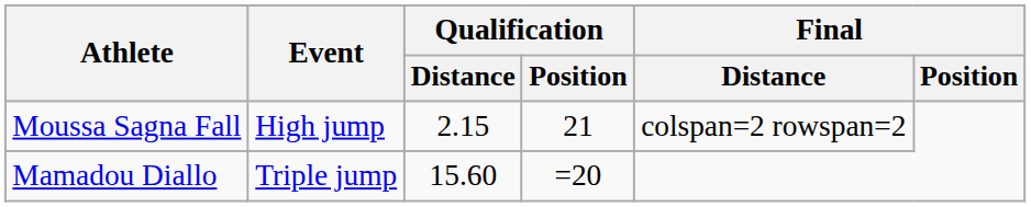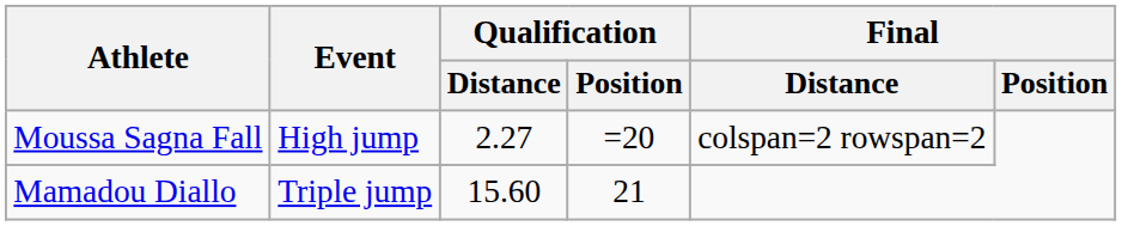 <table class=wikitable style=font-size:90%>
 <tr>
 <th rowspan=2>Athlete</th>
 <th rowspan=2>Event</th>
 <th colspan=2>Qualification</th>
 <th colspan=2>Final</th>
 </tr>
 <tr style=font-size:95%>
 <th>Distance</th>
 <th>Position</th>
 <th>Distance</th>
 <th>Position</th>
 </tr>
 <tr align=center>
 <td align=left><a href='#'>Moussa Sagna Fall</a></td>
 <td align=left><a href='#'>High jump</a></td>
-<td>2.15</td>
-<td>21</td>
+<td>2.27</td>
+<td>=20</td>
 <td>colspan=2 rowspan=2 </td>
 </tr>
 <tr align=center>
 <td align=left><a href='#'>Mamadou Diallo</a></td>
 <td align=left><a href='#'>Triple jump</a></td>
 <td>15.60</td>
-<td>=20</td>
+<td>21</td>
 </tr>
 </table>
